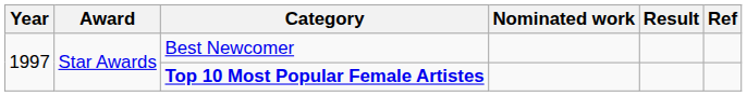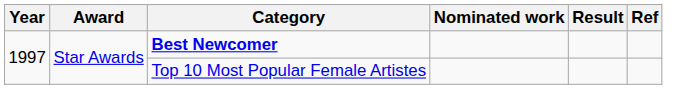 <table class="wikitable sortable">
 <tr>
 <th>Year</th>
 <th>Award</th>
 <th>Category</th>
 <th>Nominated work</th>
 <th>Result</th>
 <th class="unsortable">Ref</th>
 </tr>
 <tr>
 <td rowspan="2">1997</td>
 <td rowspan="2"><a href='#'>Star Awards</a></td>
-<td><a href='#'>Best Newcomer</a></td>
+<td><strong><a href='#'>Best Newcomer</a></strong></td>
 <td></td>
 <td></td>
 <td></td>
 </tr>
 <tr>
-<td><strong><a href='#'>Top 10 Most Popular Female Artistes</a></strong></td>
+<td><a href='#'>Top 10 Most Popular Female Artistes</a></td>
 <td></td>
 <td></td>
 <td></td>
 </tr>
 </table>
